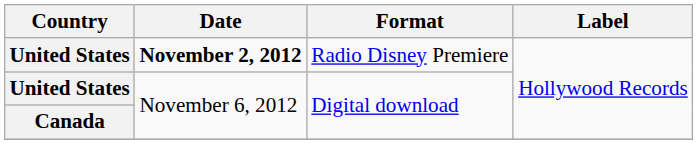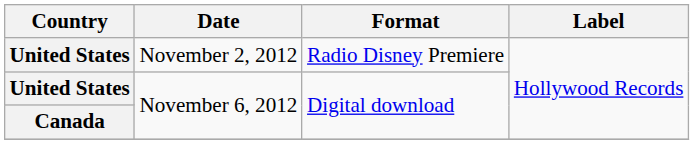 <table class="wikitable plainrowheaders">
 <tr>
 <th scope="col">Country</th>
 <th scope="col">Date</th>
 <th scope="col">Format</th>
 <th scope="col">Label</th>
 </tr>
 <tr>
 <th scope="row">United States</th>
-<td><strong>November 2, 2012</strong></td>
+<td>November 2, 2012</td>
 <td><a href='#'>Radio Disney</a> Premiere</td>
 <td rowspan="3"><a href='#'>Hollywood Records</a></td>
 </tr>
 <tr>
 <th scope="row">United States</th>
 <td rowspan="2">November 6, 2012</td>
 <td rowspan="2"><a href='#'>Digital download</a></td>
 </tr>
 <tr>
 <th scope="row">Canada</th>
 </tr>
 <tr>
 </tr>
 </table>
